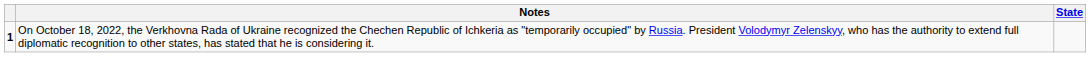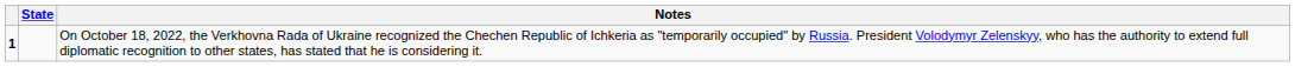 <table class="wikitable sortable" align=center>
 <tr>
 <th></th>
+<th><a href='#'>State</a></th>
 <th class="unsortable">Notes</th>
-<th><a href='#'>State</a></th>
 </tr>
 <tr>
 <td><strong>1</strong></td>
+<td></td>
 <td>On October 18, 2022, the Verkhovna Rada of Ukraine recognized the Chechen Republic of Ichkeria as "temporarily occupied" by <a href='#'>Russia</a>.  President <a href='#'>Volodymyr Zelenskyy</a>, who has the authority to extend full diplomatic recognition to other states, has stated that he is considering it.<br></td>
-<td></td>
 </tr>
 </table>
